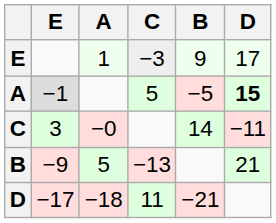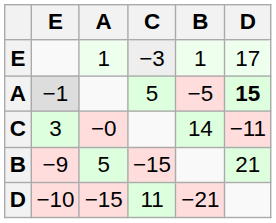 <table class="wikitable" style="text-align:center">
 <tr>
 <th></th>
 <th>E</th>
 <th>A</th>
 <th>C</th>
 <th>B</th>
 <th>D</th>
 </tr>
 <tr>
 <th>E</th>
 <td></td>
 <td style="background:#efe;">1</td>
 <td style="background:#eee;">−3</td>
-<td style="background:#efe;">9</td>
+<td style="background:#efe;">1</td>
 <td style="background:#efe;">17</td>
 </tr>
 <tr>
 <th>A</th>
 <td style="background:#ddd;">−1</td>
 <td></td>
 <td style="background:#dfd;">5</td>
 <td style="background:#fdd;">−5</td>
 <td style="background:#dfd;"><strong>15</strong></td>
 </tr>
 <tr>
 <th>C</th>
 <td style="background:#dfd;">3</td>
 <td style="background:#fdd;">−0</td>
 <td></td>
 <td style="background:#dfd;">14</td>
 <td style="background:#fdd;">−11</td>
 </tr>
 <tr>
 <th>B</th>
 <td style="background:#fdd;">−9</td>
 <td style="background:#dfd;">5</td>
-<td style="background:#fdd;">−13</td>
+<td style="background:#fdd;">−15</td>
 <td></td>
 <td style="background:#dfd;">21</td>
 </tr>
 <tr>
 <th>D</th>
-<td style="background:#fdd;">−17</td>
-<td style="background:#fdd;">−18</td>
+<td style="background:#fdd;">−10</td>
+<td style="background:#fdd;">−15</td>
 <td style="background:#dfd;">11</td>
 <td style="background:#fdd;">−21</td>
 <td></td>
 </tr>
 </table>
